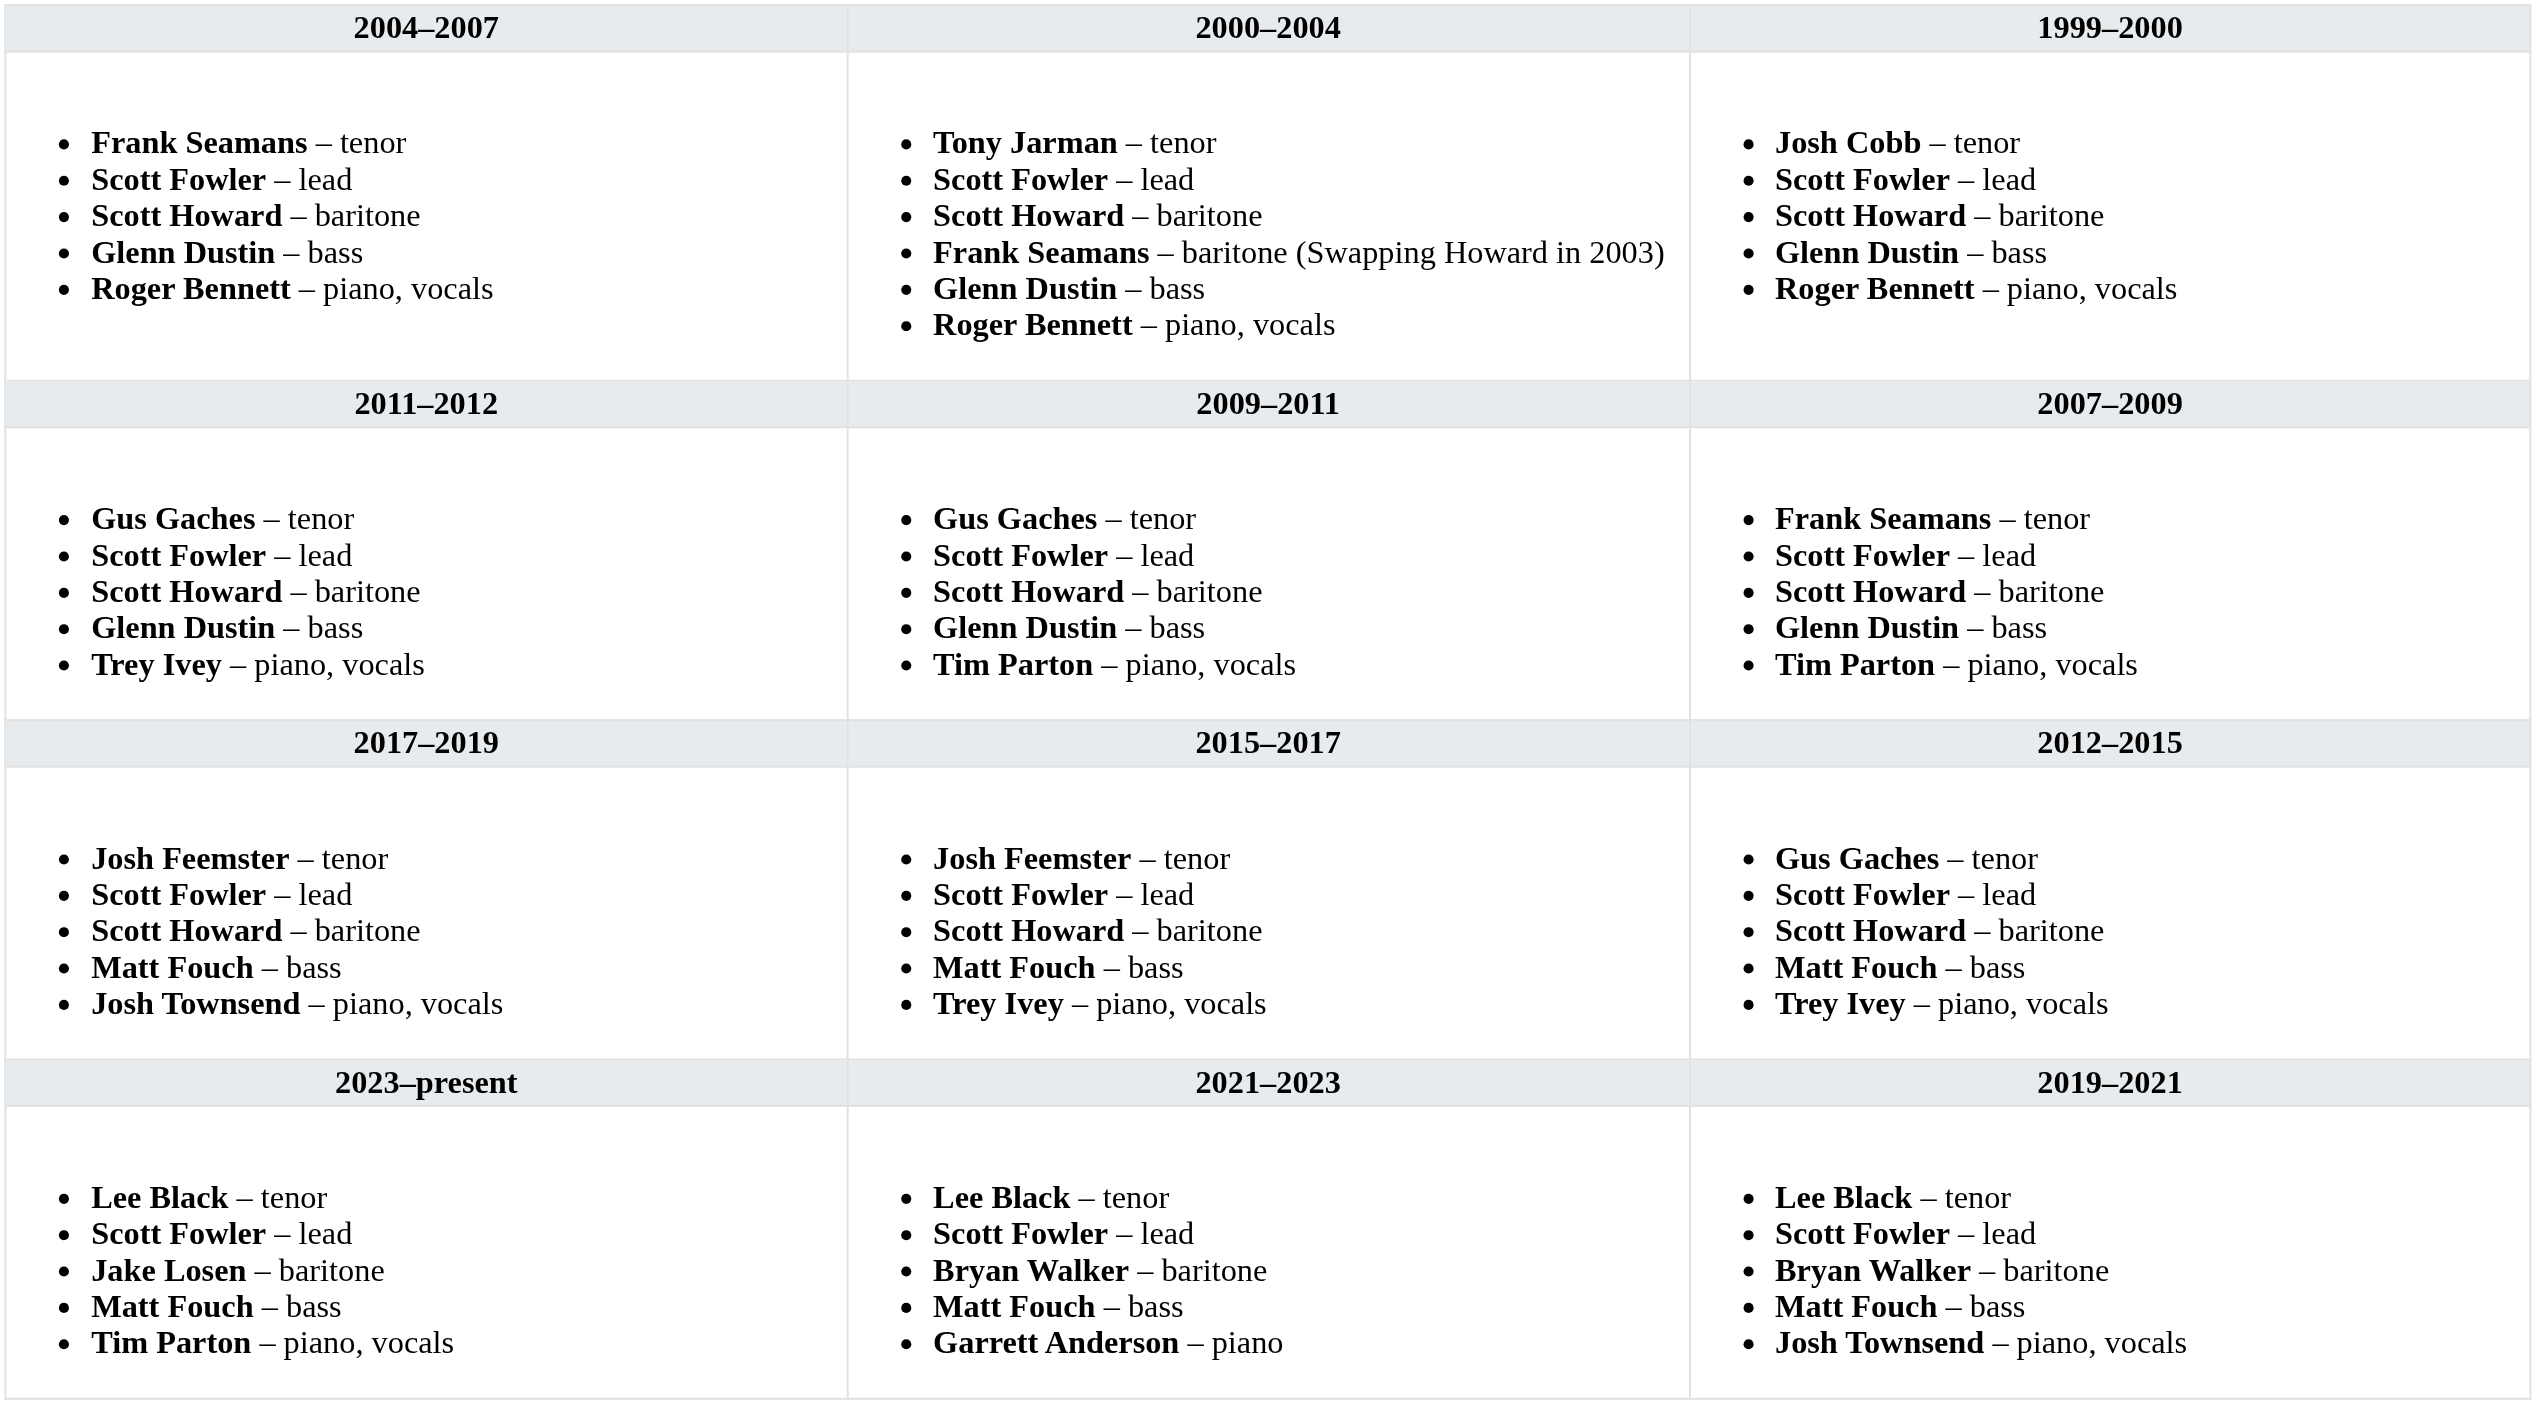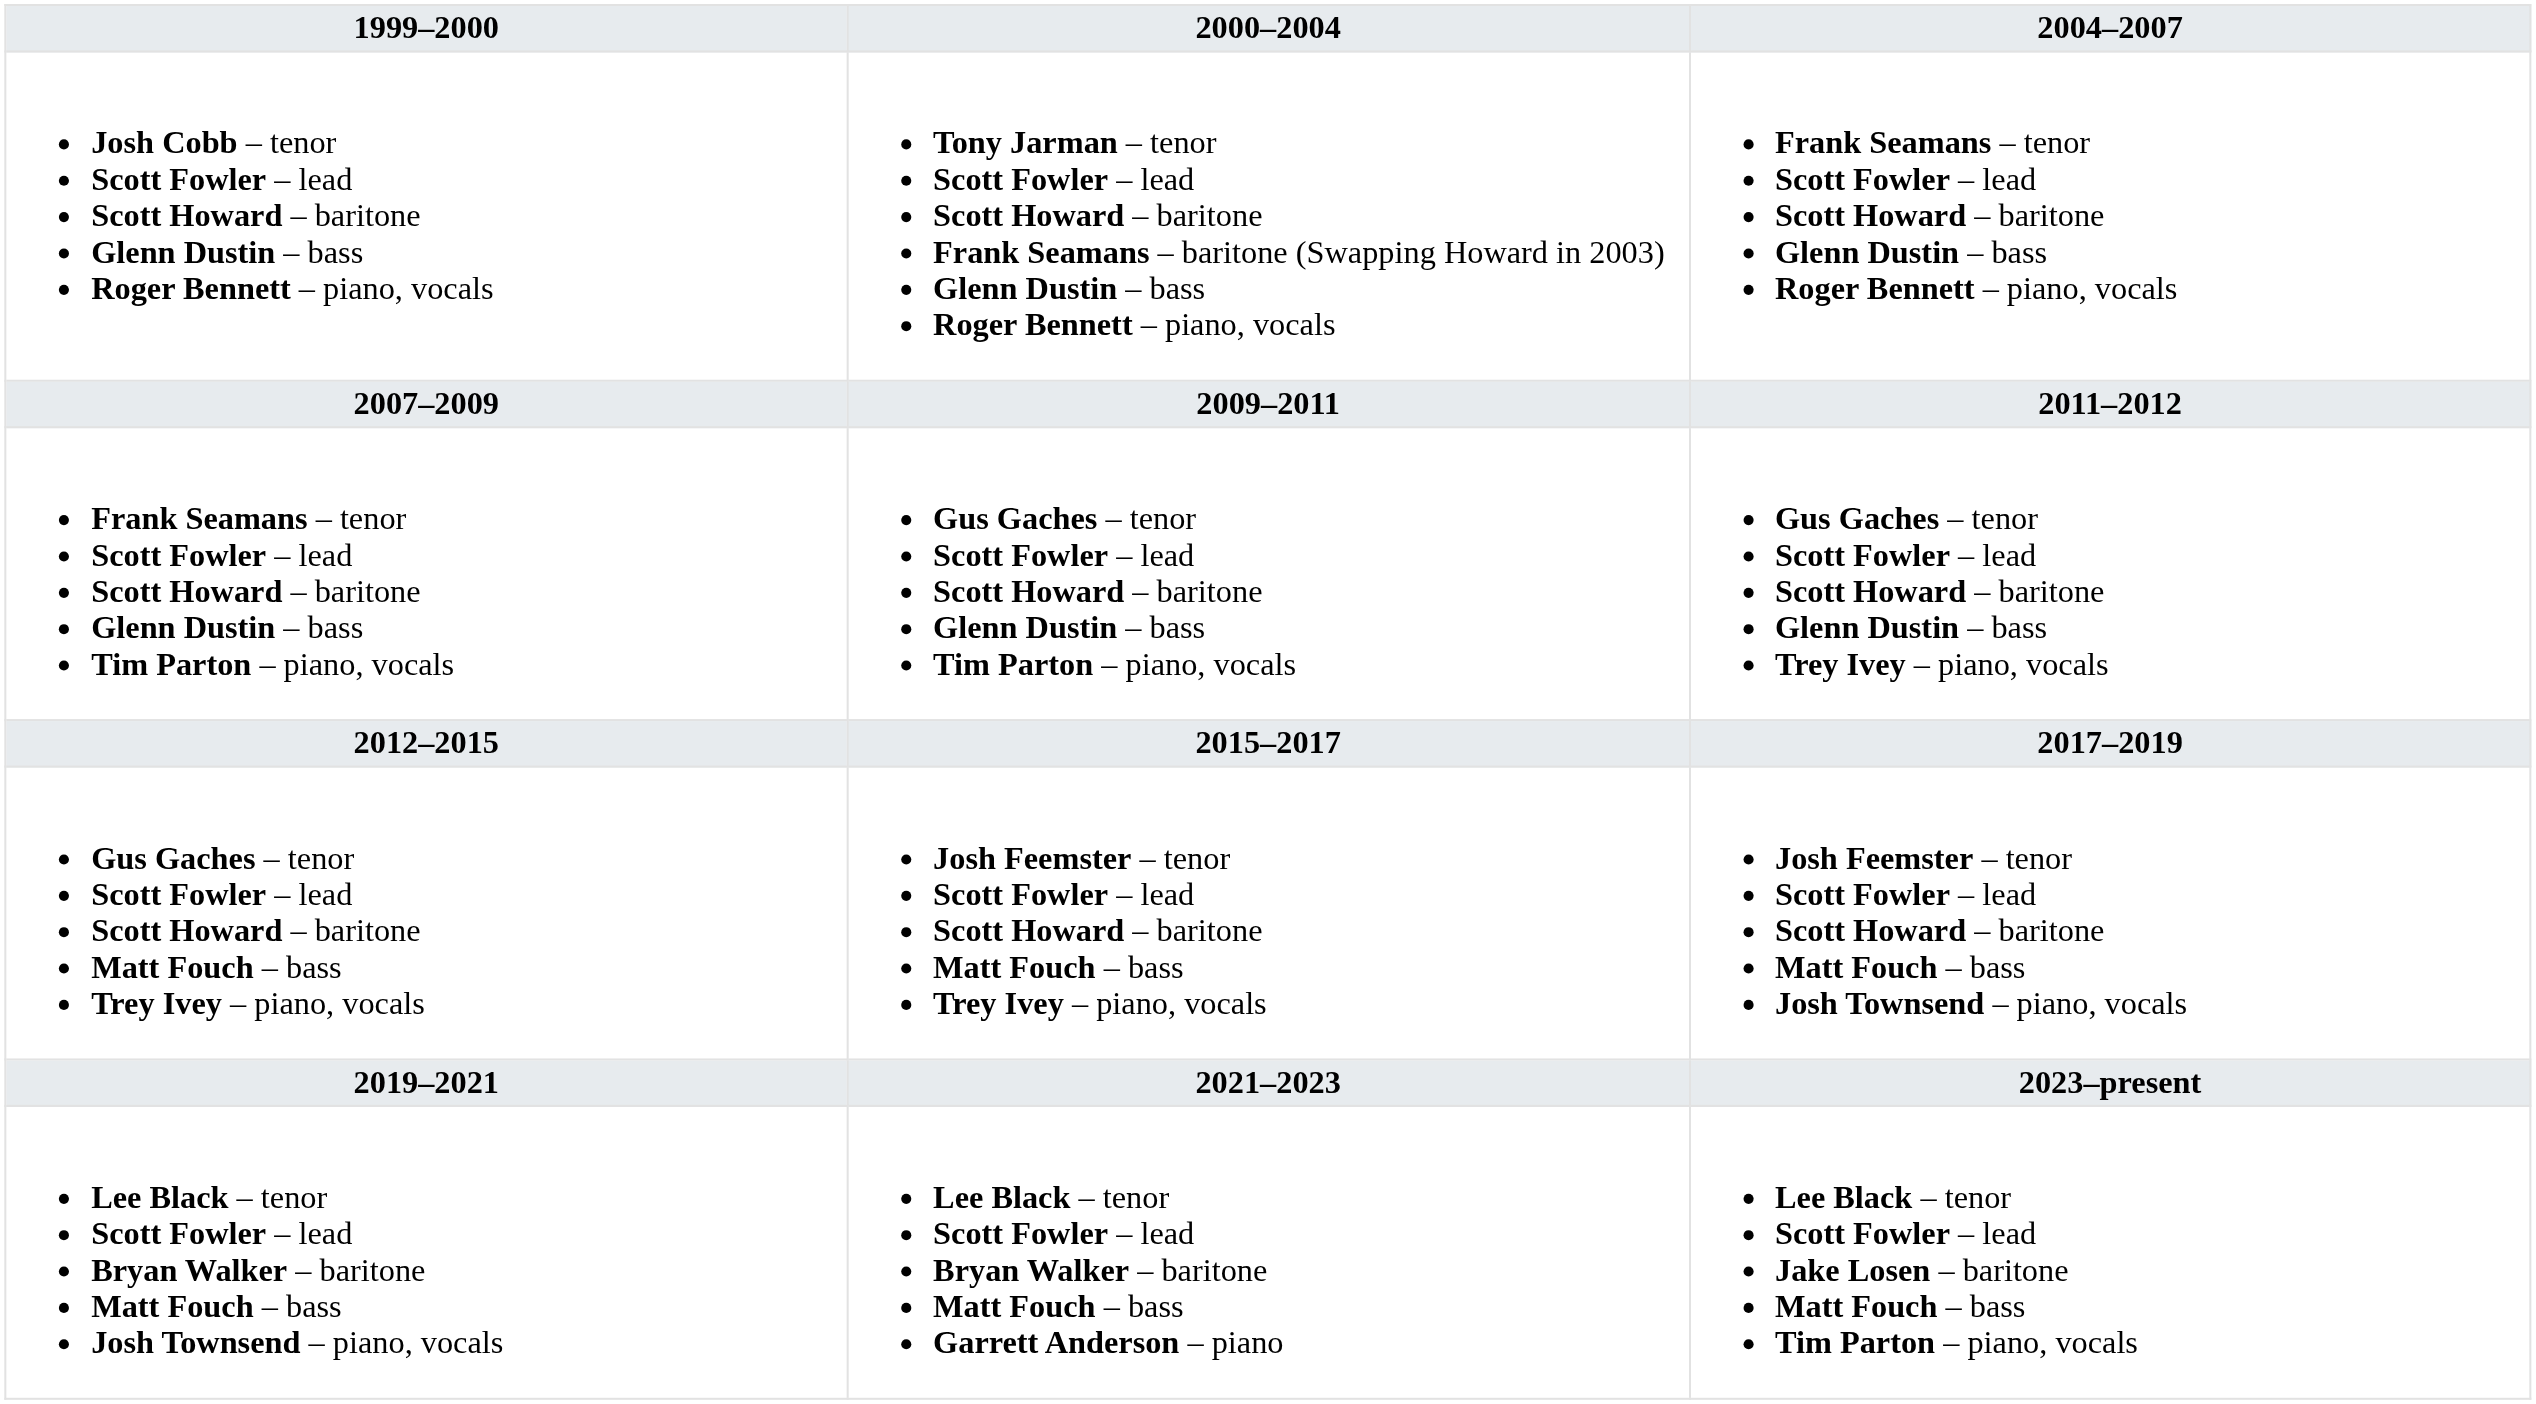 <table class="toccolours" border=1 cellpadding=2 cellspacing=0 style="float: width; margin: 0 0 1em 1em; border-collapse: collapse; border: 1px solid #E2E2E2; width:99%">
 <tr>
+<th bgcolor="#E7EBEE" valign="top" width="25%">1999–2000</th>
+<th bgcolor="#E7EBEE" valign=top width=25%>2000–2004</th>
 <th bgcolor="#E7EBEE" valign=top width=25%>2004–2007</th>
-<th bgcolor="#E7EBEE" valign=top width=25%>2000–2004</th>
-<th bgcolor="#E7EBEE" valign="top" width="25%">1999–2000</th>
 </tr>
 <tr>
+<td valign=top><br><ul><li><strong>Josh Cobb</strong> – tenor</li><li><strong>Scott Fowler</strong> – lead</li><li><strong>Scott Howard</strong> – baritone</li><li><strong>Glenn Dustin</strong> – bass</li><li><strong>Roger Bennett</strong> – piano, vocals</li></ul></td>
+<td valign=top><br><ul><li><strong>Tony Jarman</strong> – tenor</li><li><strong>Scott Fowler</strong> – lead</li><li><strong>Scott Howard</strong> – baritone</li><li><strong>Frank Seamans</strong> – baritone (Swapping Howard in 2003)</li><li><strong>Glenn Dustin</strong> – bass</li><li><strong>Roger Bennett</strong> – piano, vocals</li></ul></td>
 <td valign=top><br><ul><li><strong>Frank Seamans</strong> – tenor</li><li><strong>Scott Fowler</strong> – lead</li><li><strong>Scott Howard</strong> – baritone</li><li><strong>Glenn Dustin</strong> – bass</li><li><strong>Roger Bennett</strong> – piano, vocals</li></ul></td>
-<td valign=top><br><ul><li><strong>Tony Jarman</strong> – tenor</li><li><strong>Scott Fowler</strong> – lead</li><li><strong>Scott Howard</strong> – baritone</li><li><strong>Frank Seamans</strong> – baritone (Swapping Howard in 2003)</li><li><strong>Glenn Dustin</strong> – bass</li><li><strong>Roger Bennett</strong> – piano, vocals</li></ul></td>
-<td valign=top><br><ul><li><strong>Josh Cobb</strong> – tenor</li><li><strong>Scott Fowler</strong> – lead</li><li><strong>Scott Howard</strong> – baritone</li><li><strong>Glenn Dustin</strong> – bass</li><li><strong>Roger Bennett</strong> – piano, vocals</li></ul></td>
 </tr>
 <tr>
+<th bgcolor="#E7EBEE" valign=top width=25%>2007–2009</th>
+<th bgcolor="#E7EBEE" valign=top width=25%>2009–2011</th>
 <th bgcolor="#E7EBEE" valign=top width=25%>2011–2012</th>
-<th bgcolor="#E7EBEE" valign=top width=25%>2009–2011</th>
-<th bgcolor="#E7EBEE" valign=top width=25%>2007–2009</th>
 </tr>
 <tr>
+<td valign=top><br><ul><li><strong>Frank Seamans</strong> – tenor</li><li><strong>Scott Fowler</strong> – lead</li><li><strong>Scott Howard</strong> – baritone</li><li><strong>Glenn Dustin</strong> – bass</li><li><strong>Tim Parton</strong> – piano, vocals</li></ul></td>
+<td valign=top><br><ul><li><strong>Gus Gaches</strong> – tenor</li><li><strong>Scott Fowler</strong> – lead</li><li><strong>Scott Howard</strong> – baritone</li><li><strong>Glenn Dustin</strong> – bass</li><li><strong>Tim Parton</strong> – piano, vocals</li></ul></td>
 <td valign=top><br><ul><li><strong>Gus Gaches</strong> – tenor</li><li><strong>Scott Fowler</strong> – lead</li><li><strong>Scott Howard</strong> – baritone</li><li><strong>Glenn Dustin</strong> – bass</li><li><strong>Trey Ivey</strong> – piano, vocals</li></ul></td>
-<td valign=top><br><ul><li><strong>Gus Gaches</strong> – tenor</li><li><strong>Scott Fowler</strong> – lead</li><li><strong>Scott Howard</strong> – baritone</li><li><strong>Glenn Dustin</strong> – bass</li><li><strong>Tim Parton</strong> – piano, vocals</li></ul></td>
-<td valign=top><br><ul><li><strong>Frank Seamans</strong> – tenor</li><li><strong>Scott Fowler</strong> – lead</li><li><strong>Scott Howard</strong> – baritone</li><li><strong>Glenn Dustin</strong> – bass</li><li><strong>Tim Parton</strong> – piano, vocals</li></ul></td>
 </tr>
 <tr>
+<th width="25%" valign="top" bgcolor="#E7EBEE">2012–2015</th>
+<th width="25%" valign="top" bgcolor="#E7EBEE">2015–2017</th>
 <th width="25%" valign="top" bgcolor="#E7EBEE">2017–2019</th>
-<th width="25%" valign="top" bgcolor="#E7EBEE">2015–2017</th>
-<th width="25%" valign="top" bgcolor="#E7EBEE">2012–2015</th>
 </tr>
 <tr>
+<td valign=top><br><ul><li><strong>Gus Gaches</strong> – tenor</li><li><strong>Scott Fowler</strong> – lead</li><li><strong>Scott Howard</strong> – baritone</li><li><strong>Matt Fouch</strong> – bass</li><li><strong>Trey Ivey</strong> – piano, vocals</li></ul></td>
+<td valign="top"><br><ul><li><strong>Josh Feemster</strong> – tenor</li><li><strong>Scott Fowler</strong> – lead</li><li><strong>Scott Howard</strong> – baritone</li><li><strong>Matt Fouch</strong> – bass</li><li><strong>Trey Ivey</strong> – piano, vocals</li></ul></td>
 <td valign="top"><br><ul><li><strong>Josh Feemster</strong> – tenor</li><li><strong>Scott Fowler</strong> – lead</li><li><strong>Scott Howard</strong> – baritone</li><li><strong>Matt Fouch</strong> – bass</li><li><strong>Josh Townsend</strong> – piano, vocals</li></ul></td>
-<td valign="top"><br><ul><li><strong>Josh Feemster</strong> – tenor</li><li><strong>Scott Fowler</strong> – lead</li><li><strong>Scott Howard</strong> – baritone</li><li><strong>Matt Fouch</strong> – bass</li><li><strong>Trey Ivey</strong> – piano, vocals</li></ul></td>
-<td valign=top><br><ul><li><strong>Gus Gaches</strong> – tenor</li><li><strong>Scott Fowler</strong> – lead</li><li><strong>Scott Howard</strong> – baritone</li><li><strong>Matt Fouch</strong> – bass</li><li><strong>Trey Ivey</strong> – piano, vocals</li></ul></td>
 </tr>
 <tr>
+<th bgcolor="#E7EBEE" valign=top width=25%>2019–2021</th>
+<th bgcolor="#E7EBEE" valign=top width=25%>2021–2023</th>
 <th bgcolor="#E7EBEE" valign=top width=25%>2023–present</th>
-<th bgcolor="#E7EBEE" valign=top width=25%>2021–2023</th>
-<th bgcolor="#E7EBEE" valign=top width=25%>2019–2021</th>
 </tr>
 <tr>
+<td valign=top><br><ul><li><strong>Lee Black</strong> – tenor</li><li><strong>Scott Fowler</strong> – lead</li><li><strong>Bryan Walker</strong> – baritone</li><li><strong>Matt Fouch</strong> – bass</li><li><strong>Josh Townsend</strong> – piano, vocals</li></ul></td>
+<td valign="top"><br><ul><li><strong>Lee Black</strong> – tenor</li><li><strong>Scott Fowler</strong> – lead</li><li><strong>Bryan Walker</strong> – baritone</li><li><strong>Matt Fouch</strong> – bass</li><li><strong>Garrett Anderson</strong> – piano</li></ul></td>
 <td valign="top"><br><ul><li><strong>Lee Black</strong> – tenor</li><li><strong>Scott Fowler</strong> – lead</li><li><strong>Jake Losen</strong> – baritone</li><li><strong>Matt Fouch</strong> – bass</li><li><strong>Tim Parton</strong> – piano, vocals</li></ul></td>
-<td valign="top"><br><ul><li><strong>Lee Black</strong> – tenor</li><li><strong>Scott Fowler</strong> – lead</li><li><strong>Bryan Walker</strong> – baritone</li><li><strong>Matt Fouch</strong> – bass</li><li><strong>Garrett Anderson</strong> – piano</li></ul></td>
-<td valign=top><br><ul><li><strong>Lee Black</strong> – tenor</li><li><strong>Scott Fowler</strong> – lead</li><li><strong>Bryan Walker</strong> – baritone</li><li><strong>Matt Fouch</strong> – bass</li><li><strong>Josh Townsend</strong> – piano, vocals</li></ul></td>
 </tr>
 </table>
